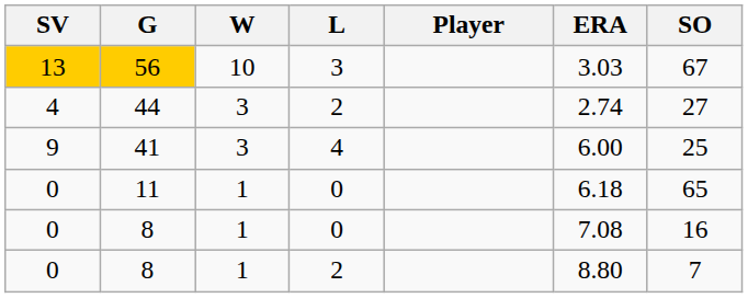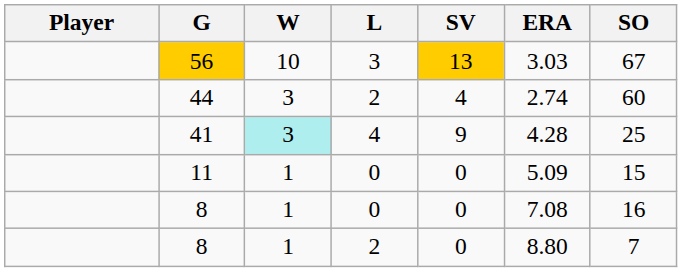 <table class="wikitable sortable">
 <tr>
-<th bgcolor="#DDDDFF" width="9%">SV</th>
+<th bgcolor="#DDDDFF" width="16%">Player</th>
 <th bgcolor="#DDDDFF" width="9%">G</th>
 <th bgcolor="#DDDDFF" width="9%">W</th>
 <th bgcolor="#DDDDFF" width="9%">L</th>
-<th bgcolor="#DDDDFF" width="16%">Player</th>
+<th bgcolor="#DDDDFF" width="9%">SV</th>
 <th bgcolor="#DDDDFF" width="9%">ERA</th>
 <th bgcolor="#DDDDFF" width="9%">SO</th>
 </tr>
 <tr align="center">
-<td style="background:#fc0;">13</td>
+<td></td>
 <td style="background:#fc0;">56</td>
 <td>10</td>
 <td>3</td>
-<td></td>
+<td style="background:#fc0;">13</td>
 <td>3.03</td>
 <td>67</td>
 </tr>
 <tr align="center">
-<td>4</td>
+<td></td>
 <td>44</td>
 <td>3</td>
 <td>2</td>
-<td></td>
+<td>4</td>
 <td>2.74</td>
-<td>27</td>
+<td>60</td>
 </tr>
 <tr align="center">
+<td></td>
+<td>41</td>
+<td style="background: paleturquoise;">3</td>
+<td>4</td>
 <td>9</td>
-<td>41</td>
-<td>3</td>
-<td>4</td>
-<td></td>
-<td>6.00</td>
+<td>4.28</td>
 <td>25</td>
 </tr>
 <tr align="center">
-<td>0</td>
+<td></td>
 <td>11</td>
 <td>1</td>
 <td>0</td>
-<td></td>
-<td>6.18</td>
-<td>65</td>
+<td>0</td>
+<td>5.09</td>
+<td>15</td>
 </tr>
 <tr align="center">
-<td>0</td>
+<td></td>
 <td>8</td>
 <td>1</td>
 <td>0</td>
-<td></td>
+<td>0</td>
 <td>7.08</td>
 <td>16</td>
 </tr>
 <tr align="center">
-<td>0</td>
+<td></td>
 <td>8</td>
 <td>1</td>
 <td>2</td>
-<td></td>
+<td>0</td>
 <td>8.80</td>
 <td>7</td>
 </tr>
 </table>
